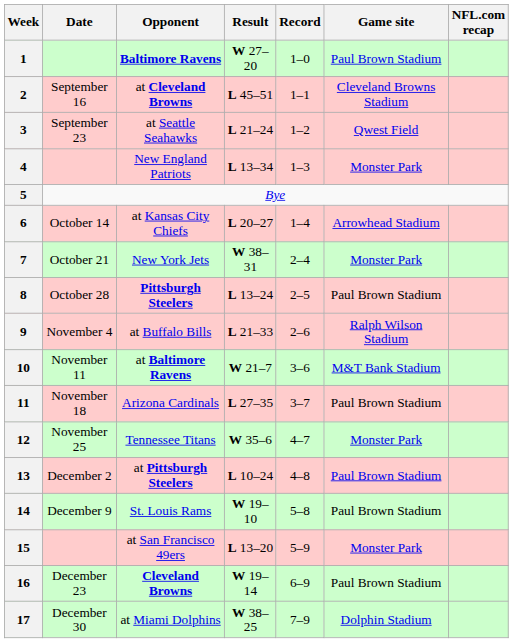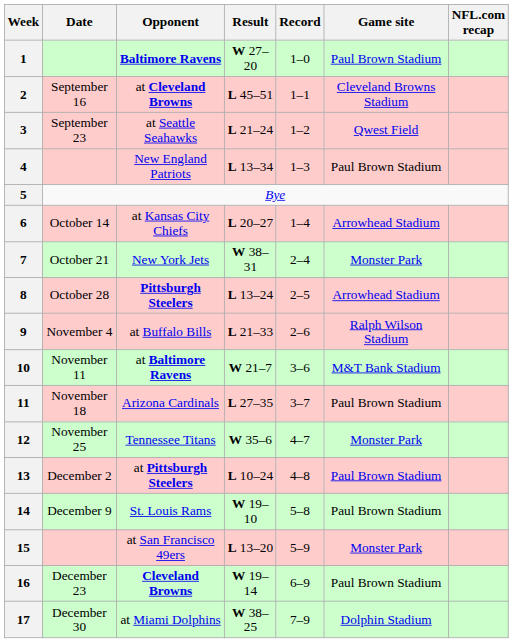 <table class="wikitable" style="text-align:center">
 <tr>
 <th>Week</th>
 <th>Date</th>
 <th>Opponent</th>
 <th>Result</th>
 <th>Record</th>
 <th>Game site</th>
 <th>NFL.com<br>recap</th>
 </tr>
 <tr bgcolor="#cfc">
 <th>1</th>
 <td></td>
 <td><strong><a href='#'>Baltimore Ravens</a></strong></td>
 <td><strong>W</strong> 27–20</td>
 <td>1–0</td>
 <td><a href='#'>Paul Brown Stadium</a></td>
 <td></td>
 </tr>
 <tr bgcolor="#fcc">
 <th>2</th>
 <td>September 16</td>
 <td>at <strong><a href='#'>Cleveland Browns</a></strong></td>
 <td><strong>L</strong> 45–51</td>
 <td>1–1</td>
 <td><a href='#'>Cleveland Browns Stadium</a></td>
 <td></td>
 </tr>
 <tr bgcolor="#fcc">
 <th>3</th>
 <td>September 23</td>
 <td>at <a href='#'>Seattle Seahawks</a></td>
 <td><strong>L</strong> 21–24</td>
 <td>1–2</td>
 <td><a href='#'>Qwest Field</a></td>
 <td></td>
 </tr>
 <tr bgcolor="#fcc">
 <th>4</th>
 <td></td>
 <td><a href='#'>New England Patriots</a></td>
 <td><strong>L</strong> 13–34</td>
 <td>1–3</td>
-<td><a href='#'>Monster Park</a></td>
+<td>Paul Brown Stadium</td>
 <td></td>
 </tr>
 <tr>
 <th>5</th>
 <td colSpan=6 align="center"><em><a href='#'>Bye</a></em></td>
 </tr>
 <tr bgcolor="#fcc">
 <th>6</th>
 <td>October 14</td>
 <td>at <a href='#'>Kansas City Chiefs</a></td>
 <td><strong>L</strong> 20–27</td>
 <td>1–4</td>
 <td><a href='#'>Arrowhead Stadium</a></td>
 <td></td>
 </tr>
 <tr bgcolor="#cfc">
 <th>7</th>
 <td>October 21</td>
 <td><a href='#'>New York Jets</a></td>
 <td><strong>W</strong> 38–31</td>
 <td>2–4</td>
 <td><a href='#'>Monster Park</a></td>
 <td></td>
 </tr>
 <tr bgcolor="#fcc">
 <th>8</th>
 <td>October 28</td>
 <td><strong><a href='#'>Pittsburgh Steelers</a></strong></td>
 <td><strong>L</strong> 13–24</td>
 <td>2–5</td>
-<td>Paul Brown Stadium</td>
+<td><a href='#'>Arrowhead Stadium</a></td>
 <td></td>
 </tr>
 <tr bgcolor="#fcc">
 <th>9</th>
 <td>November 4</td>
 <td>at <a href='#'>Buffalo Bills</a></td>
 <td><strong>L</strong> 21–33</td>
 <td>2–6</td>
 <td><a href='#'>Ralph Wilson Stadium</a></td>
 <td></td>
 </tr>
 <tr bgcolor="#cfc">
 <th>10</th>
 <td>November 11</td>
 <td>at <strong><a href='#'>Baltimore Ravens</a></strong></td>
 <td><strong>W</strong> 21–7</td>
 <td>3–6</td>
 <td><a href='#'>M&T Bank Stadium</a></td>
 <td></td>
 </tr>
 <tr bgcolor="#fcc">
 <th>11</th>
 <td>November 18</td>
 <td><a href='#'>Arizona Cardinals</a></td>
 <td><strong>L</strong> 27–35</td>
 <td>3–7</td>
 <td>Paul Brown Stadium</td>
 <td></td>
 </tr>
 <tr bgcolor="#cfc">
 <th>12</th>
 <td>November 25</td>
 <td><a href='#'>Tennessee Titans</a></td>
 <td><strong>W</strong> 35–6</td>
 <td>4–7</td>
 <td><a href='#'>Monster Park</a></td>
 <td></td>
 </tr>
 <tr bgcolor="#fcc">
 <th>13</th>
 <td>December 2</td>
 <td>at <strong><a href='#'>Pittsburgh Steelers</a></strong></td>
 <td><strong>L</strong> 10–24</td>
 <td>4–8</td>
 <td><a href='#'>Paul Brown Stadium</a></td>
 <td></td>
 </tr>
 <tr bgcolor="#cfc">
 <th>14</th>
 <td>December 9</td>
 <td><a href='#'>St. Louis Rams</a></td>
 <td><strong>W</strong> 19–10</td>
 <td>5–8</td>
 <td>Paul Brown Stadium</td>
 <td></td>
 </tr>
 <tr bgcolor="#fcc">
 <th>15</th>
 <td></td>
 <td>at <a href='#'>San Francisco 49ers</a></td>
 <td><strong>L</strong> 13–20</td>
 <td>5–9</td>
 <td><a href='#'>Monster Park</a></td>
 <td></td>
 </tr>
 <tr bgcolor="#cfc">
 <th>16</th>
 <td>December 23</td>
 <td><strong><a href='#'>Cleveland Browns</a></strong></td>
 <td><strong>W</strong> 19–14</td>
 <td>6–9</td>
 <td>Paul Brown Stadium</td>
 <td></td>
 </tr>
 <tr bgcolor="#cfc">
 <th>17</th>
 <td>December 30</td>
 <td>at <a href='#'>Miami Dolphins</a></td>
 <td><strong>W</strong> 38–25</td>
 <td>7–9</td>
 <td><a href='#'>Dolphin Stadium</a></td>
 <td></td>
 </tr>
 </table>
